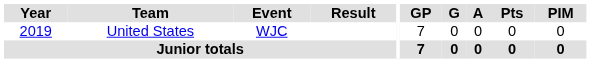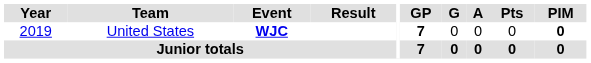 <table border="0" cellpadding="1" cellspacing="0" ID="Table3" style="text-align:center; width:40em;">
 <tr bgcolor="#e0e0e0">
 <th>Year</th>
 <th>Team</th>
 <th>Event</th>
 <th>Result</th>
 <th rowspan="99" bgcolor="#ffffff"></th>
 <th>GP</th>
 <th>G</th>
 <th>A</th>
 <th>Pts</th>
 <th>PIM</th>
 </tr>
 <tr>
 <td><a href='#'>2019</a></td>
 <td><a href='#'>United States</a></td>
-<td><a href='#'>WJC</a></td>
+<td><strong><a href='#'>WJC</a></strong></td>
 <td></td>
-<td>7</td>
+<td><strong>7</strong></td>
 <td>0</td>
 <td>0</td>
 <td>0</td>
-<td>0</td>
+<td><strong>0</strong></td>
 </tr>
 <tr bgcolor="#e0e0e0">
 <th colspan="4">Junior totals</th>
 <th>7</th>
 <th>0</th>
 <th>0</th>
 <th>0</th>
 <th>0</th>
 </tr>
 </table>
